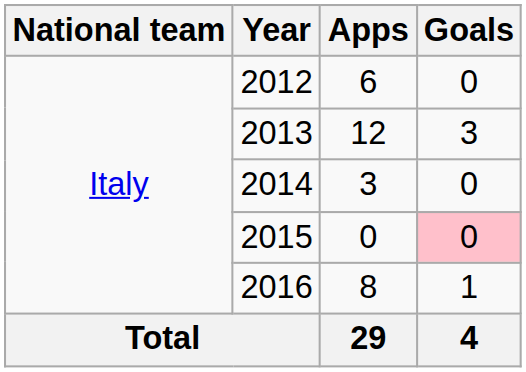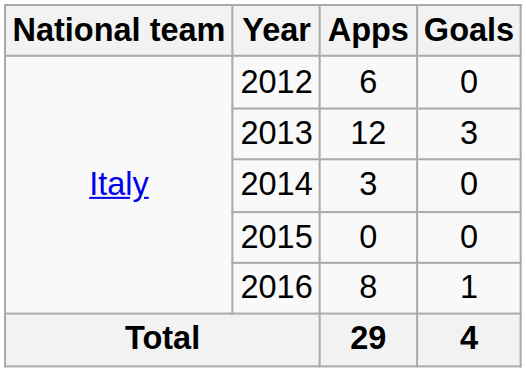 <table class="wikitable" style="text-align:center">
 <tr>
 <th>National team</th>
 <th>Year</th>
 <th>Apps</th>
 <th>Goals</th>
 </tr>
 <tr>
 <td rowspan="5"><a href='#'>Italy</a></td>
 <td>2012</td>
 <td>6</td>
 <td>0</td>
 </tr>
 <tr>
 <td>2013</td>
 <td>12</td>
 <td>3</td>
 </tr>
 <tr>
 <td>2014</td>
 <td>3</td>
 <td>0</td>
 </tr>
 <tr>
 <td>2015</td>
 <td>0</td>
-<td style="background: pink;">0</td>
+<td>0</td>
 </tr>
 <tr>
 <td>2016</td>
 <td>8</td>
 <td>1</td>
 </tr>
 <tr>
 <th colspan="2">Total</th>
 <th>29</th>
 <th>4</th>
 </tr>
 </table>
